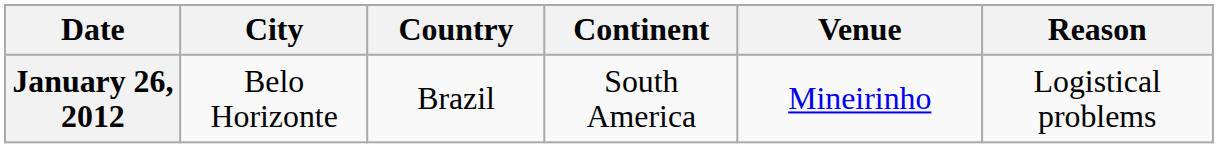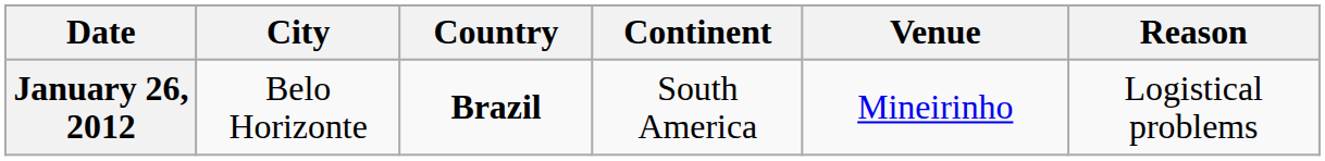 <table class="wikitable plainrowheaders" style="text-align:center;">
 <tr>
 </tr>
 <tr>
 <th scope="col" style="width:10em;">Date</th>
 <th scope="col" style="width:10em;">City</th>
 <th scope="col" style="width:10em;">Country</th>
 <th scope="col" style="width:10em;">Continent</th>
 <th scope="col" style="width:16em;">Venue</th>
 <th scope="col" style="width:16em;">Reason</th>
 </tr>
 <tr>
 <th scope="row">January 26, 2012</th>
 <td>Belo Horizonte</td>
-<td>Brazil</td>
+<td><strong>Brazil</strong></td>
 <td>South America</td>
 <td><a href='#'>Mineirinho</a></td>
 <td>Logistical problems</td>
 </tr>
 </table>
